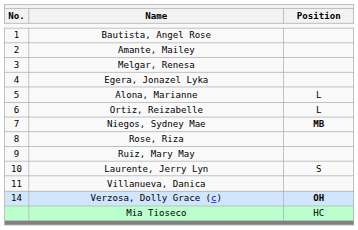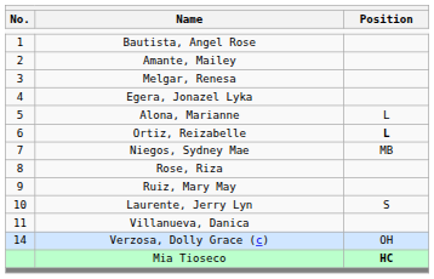 <table class='wikitable mw-collapsible mw-collapsed' style='text-align: center; width: 500px; border: none;'>
 <tr>
 <th style='text-align: left;' colspan=3></th>
 </tr>
 <tr>
 <th style='width: 7%;'>No.</th>
 <th>Name</th>
 <th style='width: 20%;'>Position</th>
 </tr>
 <tr>
 <td style='border: none;'></td>
 </tr>
 <tr>
 <td>1</td>
 <td>Bautista, Angel Rose</td>
 <td></td>
 </tr>
 <tr>
 <td>2</td>
 <td>Amante, Mailey</td>
 <td></td>
 </tr>
 <tr>
 <td>3</td>
 <td>Melgar, Renesa</td>
 <td></td>
 </tr>
 <tr>
 <td>4</td>
 <td>Egera, Jonazel Lyka</td>
 <td></td>
 </tr>
 <tr>
 <td>5</td>
 <td>Alona, Marianne</td>
 <td>L</td>
 </tr>
 <tr>
 <td>6</td>
 <td>Ortiz, Reizabelle</td>
-<td>L</td>
+<td><strong>L</strong></td>
 </tr>
 <tr>
 <td>7</td>
 <td>Niegos, Sydney Mae</td>
-<td><strong>MB</strong></td>
+<td>MB</td>
 </tr>
 <tr>
 <td>8</td>
 <td>Rose, Riza</td>
 <td></td>
 </tr>
 <tr>
 <td>9</td>
 <td>Ruiz, Mary May</td>
 <td></td>
 </tr>
 <tr>
 <td>10</td>
 <td>Laurente, Jerry Lyn</td>
 <td>S</td>
 </tr>
 <tr>
 <td>11</td>
 <td>Villanueva, Danica</td>
 <td></td>
 </tr>
 <tr bgcolor=#D0E6FF>
 <td>14</td>
 <td>Verzosa, Dolly Grace (<a href='#'>c</a>)</td>
-<td><strong>OH</strong></td>
+<td>OH</td>
 </tr>
 <tr bgcolor=#BBFFCC>
 <td></td>
 <td>Mia Tioseco</td>
-<td>HC</td>
+<td><strong>HC</strong></td>
 </tr>
 <tr>
 <th style='background: grey;' colspan=3></th>
 </tr>
 </table>
